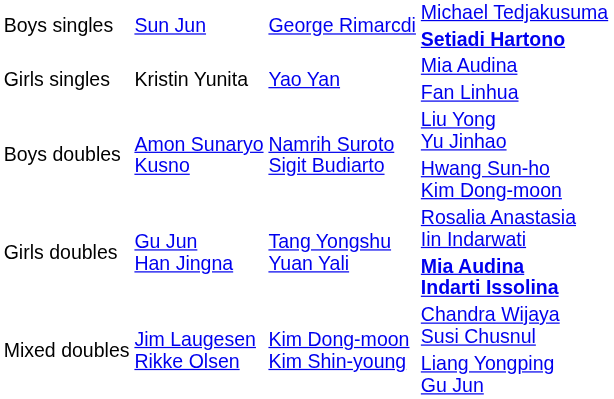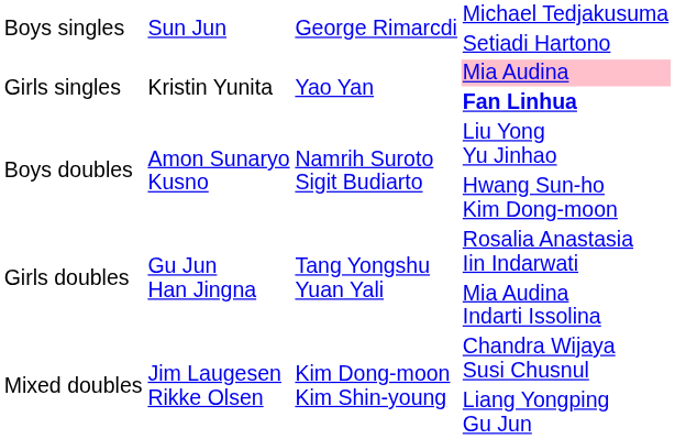 <table>
 <tr>
 <td rowspan=2>Boys singles</td>
 <td rowspan=2> <a href='#'>Sun Jun</a></td>
 <td rowspan=2> <a href='#'>George Rimarcdi</a></td>
 <td> <a href='#'>Michael Tedjakusuma</a></td>
 </tr>
 <tr>
-<td><strong> <a href='#'>Setiadi Hartono</a></strong></td>
+<td> <a href='#'>Setiadi Hartono</a></td>
 </tr>
 <tr>
 <td rowspan=2>Girls singles</td>
 <td rowspan=2> Kristin Yunita</td>
 <td rowspan=2> <a href='#'>Yao Yan</a></td>
-<td> <a href='#'>Mia Audina</a></td>
+<td style="background: pink;"> <a href='#'>Mia Audina</a></td>
 </tr>
 <tr>
-<td> <a href='#'>Fan Linhua</a></td>
+<td><strong> <a href='#'>Fan Linhua</a></strong></td>
 </tr>
 <tr>
 <td rowspan=2>Boys doubles</td>
 <td rowspan=2> <a href='#'>Amon Sunaryo</a><br> <a href='#'>Kusno</a></td>
 <td rowspan=2> <a href='#'>Namrih Suroto</a><br>  <a href='#'>Sigit Budiarto</a></td>
 <td> <a href='#'>Liu Yong</a><br> <a href='#'>Yu Jinhao</a></td>
 </tr>
 <tr>
 <td> <a href='#'>Hwang Sun-ho</a><br> <a href='#'>Kim Dong-moon</a></td>
 </tr>
 <tr>
 <td rowspan=2>Girls doubles</td>
 <td rowspan=2> <a href='#'>Gu Jun</a><br> <a href='#'>Han Jingna</a></td>
 <td rowspan=2> <a href='#'>Tang Yongshu</a><br> <a href='#'>Yuan Yali</a></td>
 <td> <a href='#'>Rosalia Anastasia</a><br> <a href='#'>Iin Indarwati</a></td>
 </tr>
 <tr>
-<td><strong> <a href='#'>Mia Audina</a><br> <a href='#'>Indarti Issolina</a></strong></td>
+<td> <a href='#'>Mia Audina</a><br> <a href='#'>Indarti Issolina</a></td>
 </tr>
 <tr>
 <td rowspan=2>Mixed doubles</td>
 <td rowspan=2> <a href='#'>Jim Laugesen</a><br> <a href='#'>Rikke Olsen</a></td>
 <td rowspan=2> <a href='#'>Kim Dong-moon</a><br> <a href='#'>Kim Shin-young</a></td>
 <td> <a href='#'>Chandra Wijaya</a><br> <a href='#'>Susi Chusnul</a></td>
 </tr>
 <tr>
 <td> <a href='#'>Liang Yongping</a><br> <a href='#'>Gu Jun</a></td>
 </tr>
 </table>
